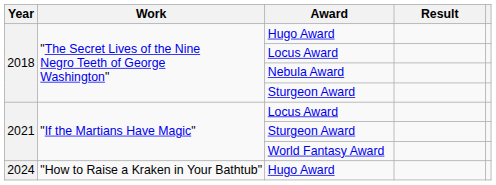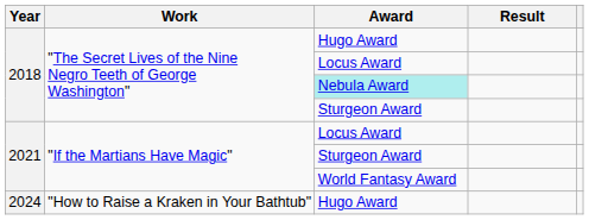 <table class="wikitable">
 <tr>
 <th scope=col>Year</th>
 <th scope=col style="min-width: 14em">Work</th>
 <th scope=col style="min-width: 10em">Award</th>
 <th scope=col style="min-width: 7em">Result</th>
 <th scope=col></th>
 </tr>
 <tr>
 <th scope=row rowspan=4 style="font-weight: normal">2018</th>
 <td rowspan=4>"<a href='#'>The Secret Lives of the Nine<br> Negro Teeth of George<br> Washington</a>"</td>
 <td><a href='#'>Hugo Award</a></td>
 <td></td>
 <td style="text-align: center"></td>
 </tr>
 <tr>
 <td><a href='#'>Locus Award</a></td>
 <td></td>
 <td style="text-align: center"></td>
 </tr>
 <tr>
-<td><a href='#'>Nebula Award</a></td>
+<td style="background: paleturquoise;"><a href='#'>Nebula Award</a></td>
 <td></td>
 <td style="text-align: center"></td>
 </tr>
 <tr>
 <td><a href='#'>Sturgeon Award</a></td>
 <td></td>
 <td style="text-align: center"></td>
 </tr>
 <tr>
 <th scope=row rowspan=3 style="font-weight: normal">2021</th>
 <td rowspan=3>"<a href='#'>If the Martians Have Magic</a>"</td>
 <td><a href='#'>Locus Award</a></td>
 <td></td>
 <td style="text-align: center"></td>
 </tr>
 <tr>
 <td><a href='#'>Sturgeon Award</a></td>
 <td></td>
 <td style="text-align: center"></td>
 </tr>
 <tr>
 <td><a href='#'>World Fantasy Award</a></td>
 <td></td>
 <td style="text-align: center"></td>
 </tr>
 <tr>
 <th scope=row style="font-weight: normal">2024</th>
 <td rowspan=3>"How to Raise a Kraken in Your Bathtub"</td>
 <td><a href='#'>Hugo Award</a></td>
 <td></td>
 <td style="text-align: center"></td>
 </tr>
 </table>
